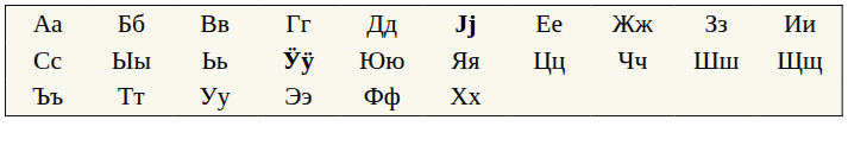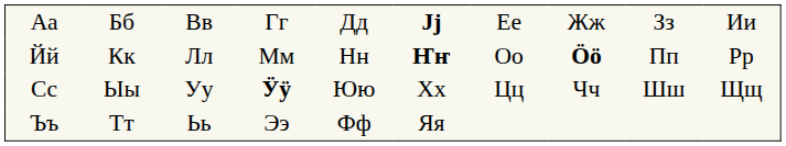 <table style="font-family:Arial Unicode MS; font-size:1.4em; border-color:#000000; border-width:1px; border-style:solid; border-collapse:collapse; text-align:right; background-color:#F8F8EF">
 <tr>
 <td style="width:3em; text-align:center; padding: 3px;">Аа</td>
 <td style="width:3em; text-align:center; padding: 3px;">Бб</td>
 <td style="width:3em; text-align:center; padding: 3px;">Вв</td>
 <td style="width:3em; text-align:center; padding: 3px;">Гг</td>
 <td style="width:3em; text-align:center; padding: 3px;">Дд</td>
 <td style="width:3em; text-align:center; padding: 3px;"><strong>Јј</strong></td>
 <td style="width:3em; text-align:center; padding: 3px;">Ее</td>
 <td style="width:3em; text-align:center; padding: 3px;">Жж</td>
 <td style="width:3em; text-align:center; padding: 3px;">Зз</td>
 <td style="width:3em; text-align:center; padding: 3px;">Ии</td>
 </tr>
 <tr>
+<td style="width:3em; text-align:center; padding: 3px;">Йй</td>
+<td style="width:3em; text-align:center; padding: 3px;">Кк</td>
+<td style="width:3em; text-align:center; padding: 3px;">Лл</td>
+<td style="width:3em; text-align:center; padding: 3px;">Мм</td>
+<td style="width:3em; text-align:center; padding: 3px;">Нн</td>
+<td style="width:3em; text-align:center; padding: 3px;"><strong>Ҥҥ</strong></td>
+<td style="width:3em; text-align:center; padding: 3px;">Оо</td>
+<td style="width:3em; text-align:center; padding: 3px;"><strong>Ӧӧ</strong></td>
+<td style="width:3em; text-align:center; padding: 3px;">Пп</td>
+<td style="width:3em; text-align:center; padding: 3px;">Рр</td>
+</tr>
+<tr>
 <td style="width:3em; text-align:center; padding: 3px;">Сс</td>
 <td style="width:3em; text-align:center; padding: 3px;">Ыы</td>
-<td style="width:3em; text-align:center; padding: 3px;">Ьь</td>
+<td style="width:3em; text-align:center; padding: 3px;">Уу</td>
 <td style="width:3em; text-align:center; padding: 3px;"><strong>Ӱӱ</strong></td>
 <td style="width:3em; text-align:center; padding: 3px;">Юю</td>
-<td style="width:3em; text-align:center; padding: 3px;">Яя</td>
+<td style="width:3em; text-align:center; padding: 3px;">Хх</td>
 <td style="width:3em; text-align:center; padding: 3px;">Цц</td>
 <td style="width:3em; text-align:center; padding: 3px;">Чч</td>
 <td style="width:3em; text-align:center; padding: 3px;">Шш</td>
 <td style="width:3em; text-align:center; padding: 3px;">Щщ</td>
 </tr>
 <tr>
 <td style="width:3em; text-align:center; padding: 3px;">Ъъ</td>
 <td style="width:3em; text-align:center; padding: 3px;">Тт</td>
-<td style="width:3em; text-align:center; padding: 3px;">Уу</td>
+<td style="width:3em; text-align:center; padding: 3px;">Ьь</td>
 <td style="width:3em; text-align:center; padding: 3px;">Ээ</td>
 <td style="width:3em; text-align:center; padding: 3px;">Фф</td>
-<td style="width:3em; text-align:center; padding: 3px;">Хх</td>
+<td style="width:3em; text-align:center; padding: 3px;">Яя</td>
 <td colspan="4"></td>
 </tr>
 </table>
